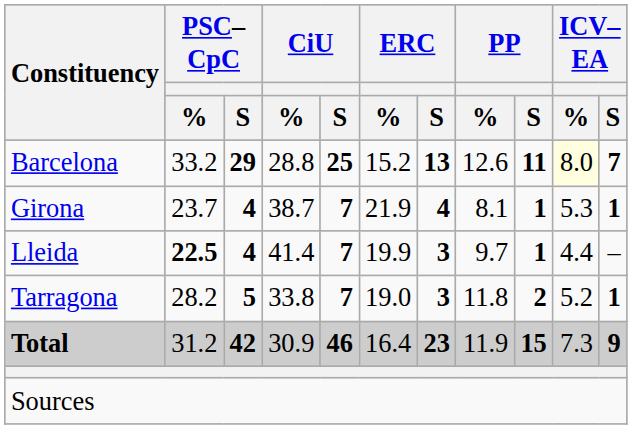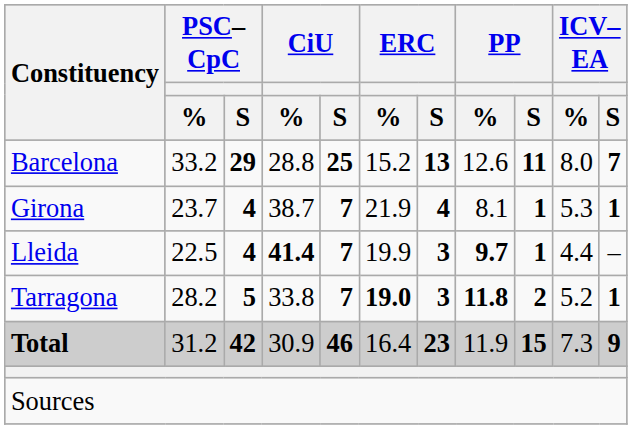 <table class="wikitable sortable" style="text-align:right; line-height:20px;">
 <tr>
 <th rowspan="3">Constituency</th>
 <th colspan="2" width="30px" class="unsortable"><a href='#'>PSC</a>–<a href='#'>CpC</a></th>
 <th colspan="2" width="30px" class="unsortable"><a href='#'>CiU</a></th>
 <th colspan="2" width="30px" class="unsortable"><a href='#'>ERC</a></th>
 <th colspan="2" width="30px" class="unsortable"><a href='#'>PP</a></th>
 <th colspan="2" width="30px" class="unsortable"><a href='#'>ICV–EA</a></th>
 </tr>
 <tr>
 <th colspan="2" style="background:"></th>
 <th colspan="2" style="background:"></th>
 <th colspan="2" style="background:"></th>
 <th colspan="2" style="background:"></th>
 <th colspan="2" style="background:"></th>
 </tr>
 <tr>
 <th data-sort-type="number">%</th>
 <th data-sort-type="number">S</th>
 <th data-sort-type="number">%</th>
 <th data-sort-type="number">S</th>
 <th data-sort-type="number">%</th>
 <th data-sort-type="number">S</th>
 <th data-sort-type="number">%</th>
 <th data-sort-type="number">S</th>
 <th data-sort-type="number">%</th>
 <th data-sort-type="number">S</th>
 </tr>
 <tr>
 <td align="left"><a href='#'>Barcelona</a></td>
 <td style="background:">33.2</td>
 <td><strong>29</strong></td>
 <td>28.8</td>
 <td><strong>25</strong></td>
 <td>15.2</td>
 <td><strong>13</strong></td>
 <td>12.6</td>
 <td><strong>11</strong></td>
-<td style="background: lightyellow;">8.0</td>
+<td>8.0</td>
 <td><strong>7</strong></td>
 </tr>
 <tr>
 <td align="left"><a href='#'>Girona</a></td>
 <td>23.7</td>
 <td><strong>4</strong></td>
 <td style="background:">38.7</td>
 <td><strong>7</strong></td>
 <td>21.9</td>
 <td><strong>4</strong></td>
 <td>8.1</td>
 <td><strong>1</strong></td>
 <td>5.3</td>
 <td><strong>1</strong></td>
 </tr>
 <tr>
 <td align="left"><a href='#'>Lleida</a></td>
-<td><strong>22.5</strong></td>
+<td>22.5</td>
 <td><strong>4</strong></td>
-<td style="background:">41.4</td>
+<td style="background:"><strong>41.4</strong></td>
 <td><strong>7</strong></td>
 <td>19.9</td>
 <td><strong>3</strong></td>
-<td>9.7</td>
+<td><strong>9.7</strong></td>
 <td><strong>1</strong></td>
 <td>4.4</td>
 <td>–</td>
 </tr>
 <tr>
 <td align="left"><a href='#'>Tarragona</a></td>
 <td>28.2</td>
 <td><strong>5</strong></td>
 <td style="background:">33.8</td>
 <td><strong>7</strong></td>
-<td>19.0</td>
+<td><strong>19.0</strong></td>
 <td><strong>3</strong></td>
-<td>11.8</td>
+<td><strong>11.8</strong></td>
 <td><strong>2</strong></td>
 <td>5.2</td>
 <td><strong>1</strong></td>
 </tr>
 <tr style="background:#CDCDCD;">
 <td align="left"><strong>Total</strong></td>
 <td style="background:">31.2</td>
 <td><strong>42</strong></td>
 <td>30.9</td>
 <td><strong>46</strong></td>
 <td>16.4</td>
 <td><strong>23</strong></td>
 <td>11.9</td>
 <td><strong>15</strong></td>
 <td>7.3</td>
 <td><strong>9</strong></td>
 </tr>
 <tr>
 <th colspan="11"></th>
 </tr>
 <tr>
 <th style="text-align:left; font-weight:normal; background:#F9F9F9" colspan="11">Sources</th>
 </tr>
 </table>
